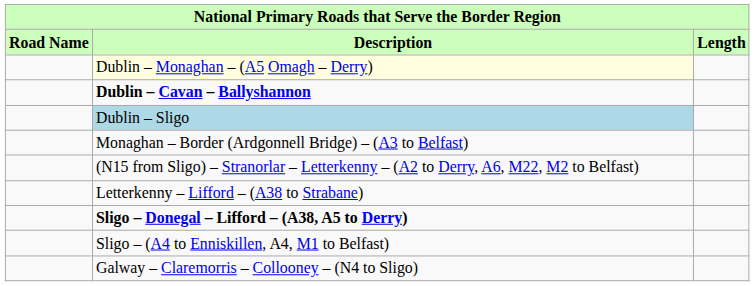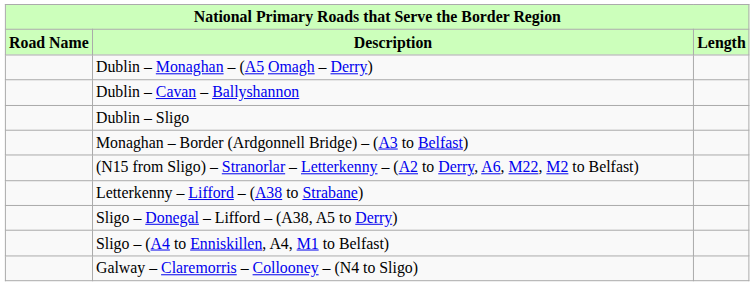 <table class="wikitable" style="margin-left: 10px">
 <tr>
 <th colspan="5" align=center style="background-color: #cfb;">National Primary Roads that Serve the Border Region</th>
 </tr>
 <tr>
 <th style="background-color: #cfb;">Road Name</th>
 <th align=left style="background-color: #cfb;" width="600">Description</th>
 <th align=right style="background-color: #cfb;">Length</th>
 </tr>
 <tr>
 <td align=right></td>
-<td style="background: lightyellow;">Dublin – <a href='#'>Monaghan</a> – (<a href='#'>A5</a> <a href='#'>Omagh</a> – <a href='#'>Derry</a>)</td>
+<td>Dublin – <a href='#'>Monaghan</a> – (<a href='#'>A5</a> <a href='#'>Omagh</a> – <a href='#'>Derry</a>)</td>
 <td></td>
 </tr>
 <tr>
 <td align=right></td>
-<td><strong>Dublin – <a href='#'>Cavan</a> – <a href='#'>Ballyshannon</a></strong></td>
+<td>Dublin – <a href='#'>Cavan</a> – <a href='#'>Ballyshannon</a></td>
 <td></td>
 </tr>
 <tr>
 <td align=right></td>
-<td style="background: lightblue;">Dublin – Sligo</td>
+<td>Dublin – Sligo</td>
 <td></td>
 </tr>
 <tr>
 <td align=right></td>
 <td>Monaghan – Border (Ardgonnell Bridge) – (<a href='#'>A3</a> to <a href='#'>Belfast</a>)</td>
 <td></td>
 </tr>
 <tr>
 <td align=right></td>
 <td>(N15 from Sligo) – <a href='#'>Stranorlar</a> – <a href='#'>Letterkenny</a> – (<a href='#'>A2</a> to <a href='#'>Derry</a>, <a href='#'>A6</a>, <a href='#'>M22</a>, <a href='#'>M2</a> to Belfast)</td>
 <td></td>
 </tr>
 <tr>
 <td align=right></td>
 <td>Letterkenny – <a href='#'>Lifford</a> – (<a href='#'>A38</a> to <a href='#'>Strabane</a>)</td>
 <td></td>
 </tr>
 <tr>
 <td align=right></td>
-<td><strong>Sligo – <a href='#'>Donegal</a> – Lifford – (A38, A5 to <a href='#'>Derry</a>)</strong></td>
+<td>Sligo – <a href='#'>Donegal</a> – Lifford – (A38, A5 to <a href='#'>Derry</a>)</td>
 <td></td>
 </tr>
 <tr>
 <td align=right></td>
 <td>Sligo – (<a href='#'>A4</a> to <a href='#'>Enniskillen</a>, A4, <a href='#'>M1</a> to Belfast)</td>
 <td></td>
 </tr>
 <tr>
 <td align=right></td>
 <td>Galway – <a href='#'>Claremorris</a> – <a href='#'>Collooney</a> – (N4 to Sligo)</td>
 <td></td>
 </tr>
 </table>
